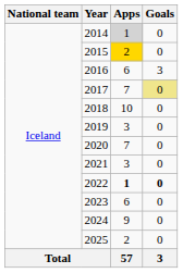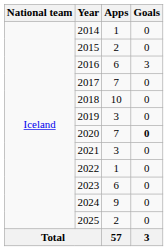 <table class="wikitable" style="text-align:center">
 <tr>
 <th>National team</th>
 <th>Year</th>
 <th>Apps</th>
 <th>Goals</th>
 </tr>
 <tr>
 <td rowspan="12"><a href='#'>Iceland</a></td>
 <td>2014</td>
-<td style="background: lightgrey;">1</td>
+<td>1</td>
 <td>0</td>
 </tr>
 <tr>
 <td>2015</td>
-<td style="background: gold;">2</td>
+<td>2</td>
 <td>0</td>
 </tr>
 <tr>
 <td>2016</td>
 <td>6</td>
 <td>3</td>
 </tr>
 <tr>
 <td>2017</td>
 <td>7</td>
-<td style="background: khaki;">0</td>
+<td>0</td>
 </tr>
 <tr>
 <td>2018</td>
 <td>10</td>
 <td>0</td>
 </tr>
 <tr>
 <td>2019</td>
 <td>3</td>
 <td>0</td>
 </tr>
 <tr>
 <td>2020</td>
 <td>7</td>
-<td>0</td>
+<td><strong>0</strong></td>
 </tr>
 <tr>
 <td>2021</td>
 <td>3</td>
 <td>0</td>
 </tr>
 <tr>
 <td>2022</td>
-<td><strong>1</strong></td>
-<td><strong>0</strong></td>
+<td>1</td>
+<td>0</td>
 </tr>
 <tr>
 <td>2023</td>
 <td>6</td>
 <td>0</td>
 </tr>
 <tr>
 <td>2024</td>
 <td>9</td>
 <td>0</td>
 </tr>
 <tr>
 <td>2025</td>
 <td>2</td>
 <td>0</td>
 </tr>
 <tr>
 <th colspan="2">Total</th>
 <th>57</th>
 <th>3</th>
 </tr>
 </table>
